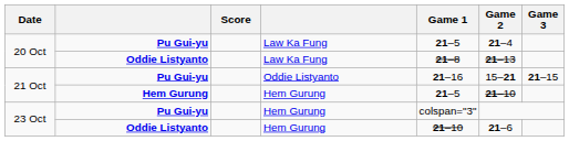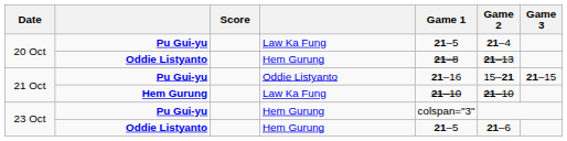 <table class="wikitable" style="text-align:center; font-size:90% ">
 <tr>
 <th width="60">Date</th>
 <th align="right" width="200"></th>
 <th width="60">Score</th>
 <th align="left" width="200"></th>
 <th width="50">Game 1</th>
 <th width="50">Game 2</th>
 <th width="50">Game 3</th>
 </tr>
 <tr>
 <td rowspan="2">20 Oct</td>
 <td align="right"><strong><a href='#'>Pu Gui-yu</a> </strong></td>
 <td align="center"></td>
 <td align="left"> <a href='#'>Law Ka Fung</a></td>
 <td><strong>21</strong>–5</td>
 <td><strong>21</strong>–4</td>
 <td></td>
 </tr>
 <tr>
 <td align="right"><strong><a href='#'>Oddie Listyanto</a> </strong></td>
 <td align="center"><s></s></td>
-<td align="left"> <a href='#'>Law Ka Fung</a></td>
+<td align="left"> <a href='#'>Hem Gurung</a></td>
 <td><s><strong>21</strong>–8</s></td>
 <td><s><strong>21</strong>–13</s></td>
 <td></td>
 </tr>
 <tr>
 <td rowspan="2">21 Oct</td>
 <td align="right"><strong><a href='#'>Pu Gui-yu</a> </strong></td>
 <td align="center"></td>
 <td align="left"> <a href='#'>Oddie Listyanto</a></td>
 <td><strong>21</strong>–16</td>
 <td>15–<strong>21</strong></td>
 <td><strong>21</strong>–15</td>
 </tr>
 <tr>
 <td align="right"><strong><a href='#'>Hem Gurung</a> </strong></td>
 <td align="center"><s></s></td>
-<td align="left"> <a href='#'>Hem Gurung</a></td>
-<td><strong>21</strong>–5</td>
+<td align="left"> <a href='#'>Law Ka Fung</a></td>
+<td><s><strong>21</strong>–10</s></td>
 <td><s><strong>21</strong>–10</s></td>
 <td></td>
 </tr>
 <tr>
 <td rowspan="2">23 Oct</td>
 <td align="right"><strong><a href='#'>Pu Gui-yu</a> </strong></td>
 <td align="center"></td>
 <td align="left"> <a href='#'>Hem Gurung</a></td>
 <td>colspan="3" </td>
 </tr>
 <tr>
 <td align="right"><strong><a href='#'>Oddie Listyanto</a> </strong></td>
 <td align="center"></td>
 <td align="left"> <a href='#'>Hem Gurung</a></td>
-<td><s><strong>21</strong>–10</s></td>
+<td><strong>21</strong>–5</td>
 <td><strong>21</strong>–6</td>
 <td></td>
 </tr>
 </table>
